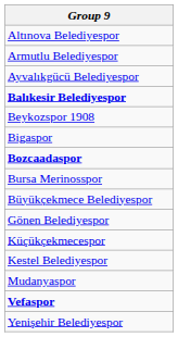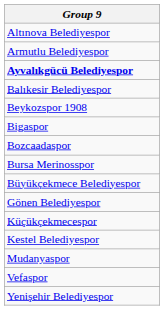 <table class="wikitable collapsible collapsed" style="font-size:95%;">
 <tr>
 <th colspan="1" width="200"><em>Group 9</em></th>
 </tr>
 <tr>
 <td><a href='#'>Altınova Belediyespor</a></td>
 </tr>
 <tr>
 <td><a href='#'>Armutlu Belediyespor</a></td>
 </tr>
 <tr>
-<td><a href='#'>Ayvalıkgücü Belediyespor</a></td>
+<td><strong><a href='#'>Ayvalıkgücü Belediyespor</a></strong></td>
 </tr>
 <tr>
-<td><strong><a href='#'>Balıkesir Belediyespor</a></strong></td>
+<td><a href='#'>Balıkesir Belediyespor</a></td>
 </tr>
 <tr>
 <td><a href='#'>Beykozspor 1908</a></td>
 </tr>
 <tr>
 <td><a href='#'>Bigaspor</a></td>
 </tr>
 <tr>
-<td><strong><a href='#'>Bozcaadaspor</a></strong></td>
+<td><a href='#'>Bozcaadaspor</a></td>
 </tr>
 <tr>
 <td><a href='#'>Bursa Merinosspor</a></td>
 </tr>
 <tr>
 <td><a href='#'>Büyükçekmece Belediyespor</a></td>
 </tr>
 <tr>
 <td><a href='#'>Gönen Belediyespor</a></td>
 </tr>
 <tr>
 <td><a href='#'>Küçükçekmecespor</a></td>
 </tr>
 <tr>
 <td><a href='#'>Kestel Belediyespor</a></td>
 </tr>
 <tr>
 <td><a href='#'>Mudanyaspor</a></td>
 </tr>
 <tr>
-<td><strong><a href='#'>Vefaspor</a></strong></td>
+<td><a href='#'>Vefaspor</a></td>
 </tr>
 <tr>
 <td><a href='#'>Yenişehir Belediyespor</a></td>
 </tr>
 </table>
